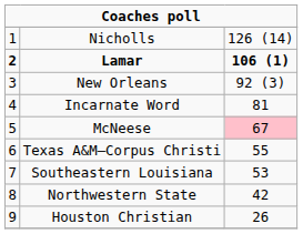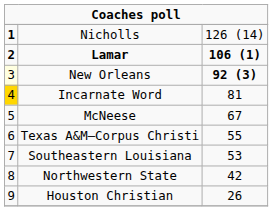 <table class="wikitable collapsible collapsed">
 <tr align="center">
 <td align="center" Colspan="3"><strong>Coaches poll</strong></td>
 </tr>
 <tr align="center">
 </tr>
 <tr align="center">
-<td>1</td>
+<td><strong>1</strong></td>
 <td>Nicholls</td>
 <td>126 (14)</td>
 </tr>
 <tr align="center">
 <td><strong>2</strong></td>
 <td><strong>Lamar</strong></td>
 <td><strong>106 (1)</strong></td>
 </tr>
 <tr align="center">
-<td>3</td>
+<td style="background: lightyellow;">3</td>
 <td>New Orleans</td>
-<td>92 (3)</td>
+<td><strong>92 (3)</strong></td>
 </tr>
 <tr align="center">
-<td>4</td>
+<td style="background: gold;">4</td>
 <td>Incarnate Word</td>
 <td>81</td>
 </tr>
 <tr align="center">
 <td>5</td>
 <td>McNeese</td>
-<td style="background: pink;">67</td>
+<td>67</td>
 </tr>
 <tr align="center">
 <td>6</td>
 <td>Texas A&M–Corpus Christi</td>
 <td>55</td>
 </tr>
 <tr align="center">
 <td>7</td>
 <td>Southeastern Louisiana</td>
 <td>53</td>
 </tr>
 <tr align="center">
 <td>8</td>
 <td>Northwestern State</td>
 <td>42</td>
 </tr>
 <tr align="center">
 <td>9</td>
 <td>Houston Christian</td>
 <td>26</td>
 </tr>
 <tr align="center">
 </tr>
 </table>
